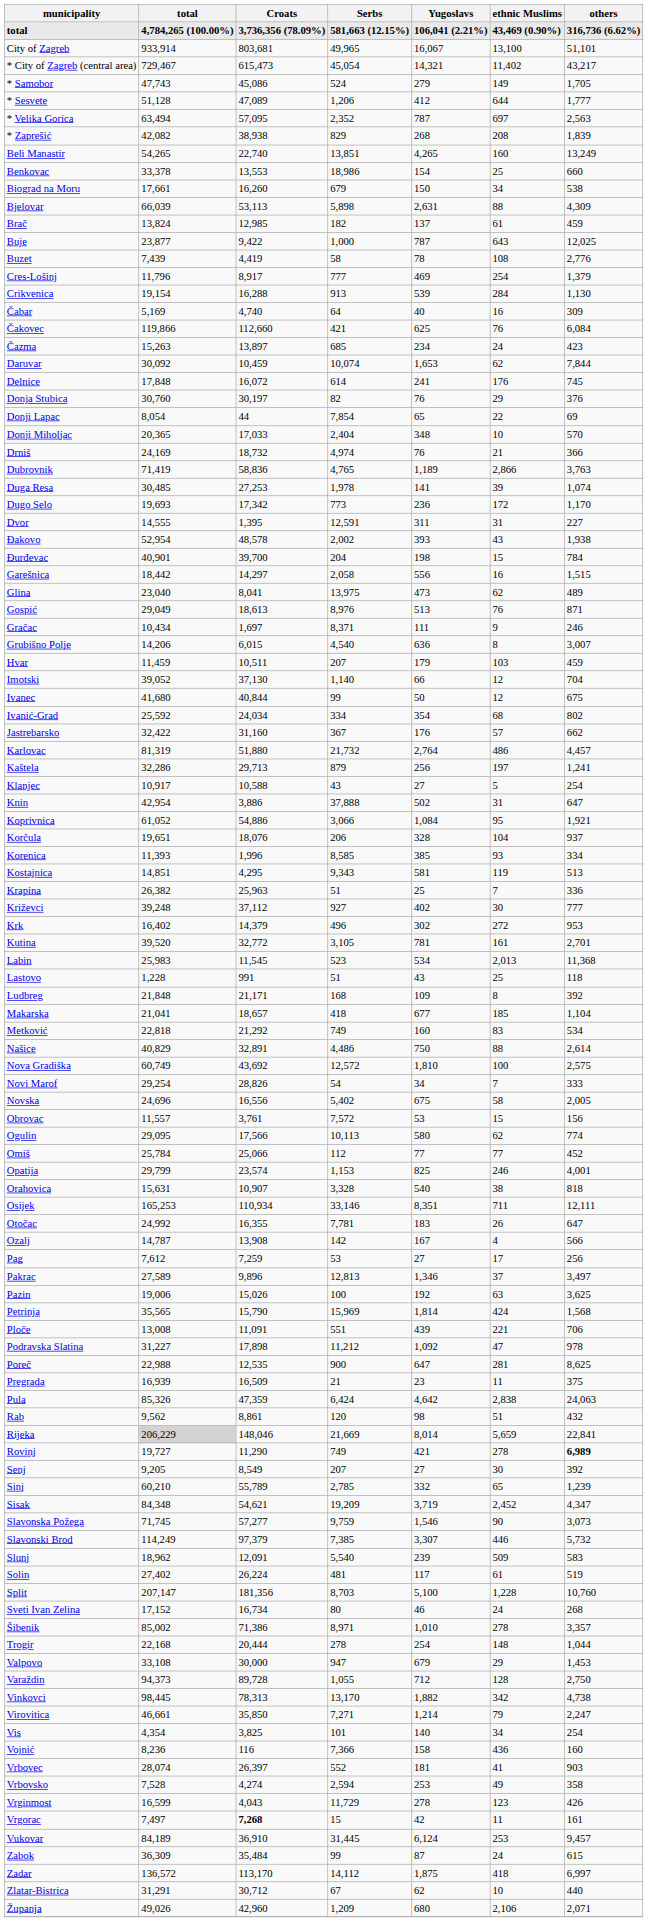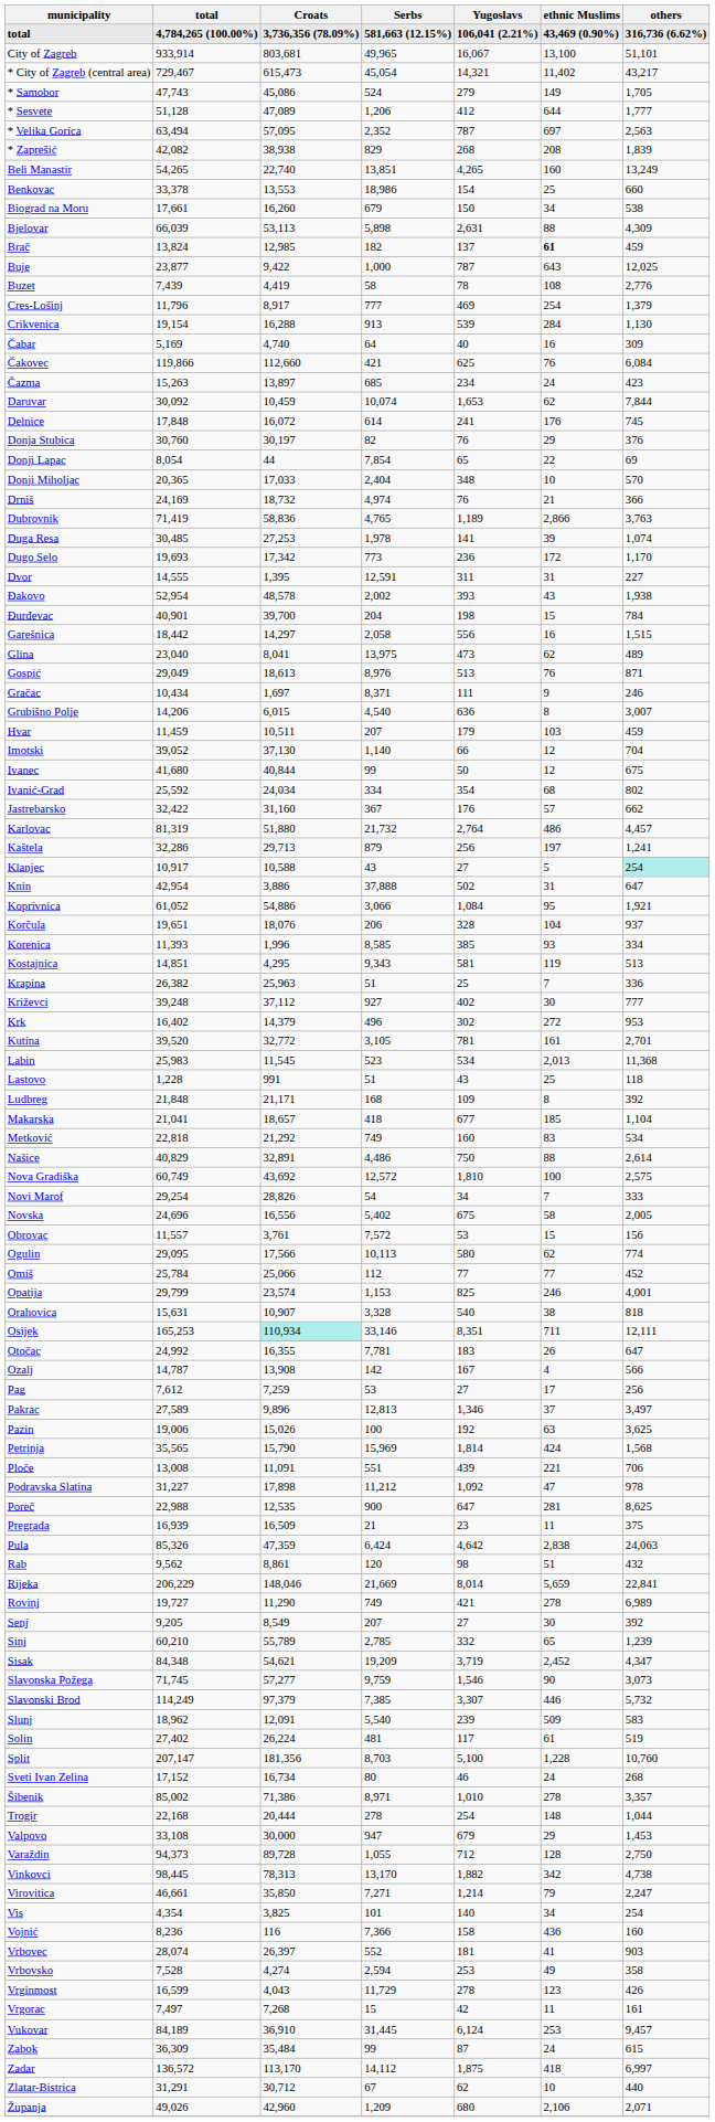 <table class="wikitable" style="font-size:95%;">
 <tr>
 <th>municipality</th>
 <th>total</th>
 <th>Croats</th>
 <th>Serbs</th>
 <th>Yugoslavs</th>
 <th>ethnic Muslims</th>
 <th>others</th>
 </tr>
 <tr>
 <td style="background: #E9E9E9;"><strong>total</strong></td>
 <td style="background: #E9E9E9;"><strong>4,784,265 (100.00%)</strong></td>
 <td style="background: #E9E9E9;"><strong>3,736,356 (78.09%)</strong></td>
 <td style="background: #E9E9E9;"><strong>581,663 (12.15%)</strong></td>
 <td style="background: #E9E9E9;"><strong>106,041 (2.21%)</strong></td>
 <td style="background: #E9E9E9;"><strong>43,469 (0.90%)</strong></td>
 <td style="background: #E9E9E9;"><strong>316,736 (6.62%)</strong></td>
 </tr>
 <tr>
 <td>City of <a href='#'>Zagreb</a></td>
 <td>933,914</td>
 <td>803,681</td>
 <td>49,965</td>
 <td>16,067</td>
 <td>13,100</td>
 <td>51,101</td>
 </tr>
 <tr>
 <td>* City of <a href='#'>Zagreb</a> (central area)</td>
 <td>729,467</td>
 <td>615,473</td>
 <td>45,054</td>
 <td>14,321</td>
 <td>11,402</td>
 <td>43,217</td>
 </tr>
 <tr>
 <td>* <a href='#'>Samobor</a></td>
 <td>47,743</td>
 <td>45,086</td>
 <td>524</td>
 <td>279</td>
 <td>149</td>
 <td>1,705</td>
 </tr>
 <tr>
 <td>* <a href='#'>Sesvete</a></td>
 <td>51,128</td>
 <td>47,089</td>
 <td>1,206</td>
 <td>412</td>
 <td>644</td>
 <td>1,777</td>
 </tr>
 <tr>
 <td>* <a href='#'>Velika Gorica</a></td>
 <td>63,494</td>
 <td>57,095</td>
 <td>2,352</td>
 <td>787</td>
 <td>697</td>
 <td>2,563</td>
 </tr>
 <tr>
 <td>* <a href='#'>Zaprešić</a></td>
 <td>42,082</td>
 <td>38,938</td>
 <td>829</td>
 <td>268</td>
 <td>208</td>
 <td>1,839</td>
 </tr>
 <tr>
 <td><a href='#'>Beli Manastir</a></td>
 <td>54,265</td>
 <td>22,740</td>
 <td>13,851</td>
 <td>4,265</td>
 <td>160</td>
 <td>13,249</td>
 </tr>
 <tr>
 <td><a href='#'>Benkovac</a></td>
 <td>33,378</td>
 <td>13,553</td>
 <td>18,986</td>
 <td>154</td>
 <td>25</td>
 <td>660</td>
 </tr>
 <tr>
 <td><a href='#'>Biograd na Moru</a></td>
 <td>17,661</td>
 <td>16,260</td>
 <td>679</td>
 <td>150</td>
 <td>34</td>
 <td>538</td>
 </tr>
 <tr>
 <td><a href='#'>Bjelovar</a></td>
 <td>66,039</td>
 <td>53,113</td>
 <td>5,898</td>
 <td>2,631</td>
 <td>88</td>
 <td>4,309</td>
 </tr>
 <tr>
 <td><a href='#'>Brač</a></td>
 <td>13,824</td>
 <td>12,985</td>
 <td>182</td>
 <td>137</td>
-<td>61</td>
+<td><strong>61</strong></td>
 <td>459</td>
 </tr>
 <tr>
 <td><a href='#'>Buje</a></td>
 <td>23,877</td>
 <td>9,422</td>
 <td>1,000</td>
 <td>787</td>
 <td>643</td>
 <td>12,025</td>
 </tr>
 <tr>
 <td><a href='#'>Buzet</a></td>
 <td>7,439</td>
 <td>4,419</td>
 <td>58</td>
 <td>78</td>
 <td>108</td>
 <td>2,776</td>
 </tr>
 <tr>
 <td><a href='#'>Cres-Lošinj</a></td>
 <td>11,796</td>
 <td>8,917</td>
 <td>777</td>
 <td>469</td>
 <td>254</td>
 <td>1,379</td>
 </tr>
 <tr>
 <td><a href='#'>Crikvenica</a></td>
 <td>19,154</td>
 <td>16,288</td>
 <td>913</td>
 <td>539</td>
 <td>284</td>
 <td>1,130</td>
 </tr>
 <tr>
 <td><a href='#'>Čabar</a></td>
 <td>5,169</td>
 <td>4,740</td>
 <td>64</td>
 <td>40</td>
 <td>16</td>
 <td>309</td>
 </tr>
 <tr>
 <td><a href='#'>Čakovec</a></td>
 <td>119,866</td>
 <td>112,660</td>
 <td>421</td>
 <td>625</td>
 <td>76</td>
 <td>6,084</td>
 </tr>
 <tr>
 <td><a href='#'>Čazma</a></td>
 <td>15,263</td>
 <td>13,897</td>
 <td>685</td>
 <td>234</td>
 <td>24</td>
 <td>423</td>
 </tr>
 <tr>
 <td><a href='#'>Daruvar</a></td>
 <td>30,092</td>
 <td>10,459</td>
 <td>10,074</td>
 <td>1,653</td>
 <td>62</td>
 <td>7,844</td>
 </tr>
 <tr>
 <td><a href='#'>Delnice</a></td>
 <td>17,848</td>
 <td>16,072</td>
 <td>614</td>
 <td>241</td>
 <td>176</td>
 <td>745</td>
 </tr>
 <tr>
 <td><a href='#'>Donja Stubica</a></td>
 <td>30,760</td>
 <td>30,197</td>
 <td>82</td>
 <td>76</td>
 <td>29</td>
 <td>376</td>
 </tr>
 <tr>
 <td><a href='#'>Donji Lapac</a></td>
 <td>8,054</td>
 <td>44</td>
 <td>7,854</td>
 <td>65</td>
 <td>22</td>
 <td>69</td>
 </tr>
 <tr>
 <td><a href='#'>Donji Miholjac</a></td>
 <td>20,365</td>
 <td>17,033</td>
 <td>2,404</td>
 <td>348</td>
 <td>10</td>
 <td>570</td>
 </tr>
 <tr>
 <td><a href='#'>Drniš</a></td>
 <td>24,169</td>
 <td>18,732</td>
 <td>4,974</td>
 <td>76</td>
 <td>21</td>
 <td>366</td>
 </tr>
 <tr>
 <td><a href='#'>Dubrovnik</a></td>
 <td>71,419</td>
 <td>58,836</td>
 <td>4,765</td>
 <td>1,189</td>
 <td>2,866</td>
 <td>3,763</td>
 </tr>
 <tr>
 <td><a href='#'>Duga Resa</a></td>
 <td>30,485</td>
 <td>27,253</td>
 <td>1,978</td>
 <td>141</td>
 <td>39</td>
 <td>1,074</td>
 </tr>
 <tr>
 <td><a href='#'>Dugo Selo</a></td>
 <td>19,693</td>
 <td>17,342</td>
 <td>773</td>
 <td>236</td>
 <td>172</td>
 <td>1,170</td>
 </tr>
 <tr>
 <td><a href='#'>Dvor</a></td>
 <td>14,555</td>
 <td>1,395</td>
 <td>12,591</td>
 <td>311</td>
 <td>31</td>
 <td>227</td>
 </tr>
 <tr>
 <td><a href='#'>Đakovo</a></td>
 <td>52,954</td>
 <td>48,578</td>
 <td>2,002</td>
 <td>393</td>
 <td>43</td>
 <td>1,938</td>
 </tr>
 <tr>
 <td><a href='#'>Đurđevac</a></td>
 <td>40,901</td>
 <td>39,700</td>
 <td>204</td>
 <td>198</td>
 <td>15</td>
 <td>784</td>
 </tr>
 <tr>
 <td><a href='#'>Garešnica</a></td>
 <td>18,442</td>
 <td>14,297</td>
 <td>2,058</td>
 <td>556</td>
 <td>16</td>
 <td>1,515</td>
 </tr>
 <tr>
 <td><a href='#'>Glina</a></td>
 <td>23,040</td>
 <td>8,041</td>
 <td>13,975</td>
 <td>473</td>
 <td>62</td>
 <td>489</td>
 </tr>
 <tr>
 <td><a href='#'>Gospić</a></td>
 <td>29,049</td>
 <td>18,613</td>
 <td>8,976</td>
 <td>513</td>
 <td>76</td>
 <td>871</td>
 </tr>
 <tr>
 <td><a href='#'>Gračac</a></td>
 <td>10,434</td>
 <td>1,697</td>
 <td>8,371</td>
 <td>111</td>
 <td>9</td>
 <td>246</td>
 </tr>
 <tr>
 <td><a href='#'>Grubišno Polje</a></td>
 <td>14,206</td>
 <td>6,015</td>
 <td>4,540</td>
 <td>636</td>
 <td>8</td>
 <td>3,007</td>
 </tr>
 <tr>
 <td><a href='#'>Hvar</a></td>
 <td>11,459</td>
 <td>10,511</td>
 <td>207</td>
 <td>179</td>
 <td>103</td>
 <td>459</td>
 </tr>
 <tr>
 <td><a href='#'>Imotski</a></td>
 <td>39,052</td>
 <td>37,130</td>
 <td>1,140</td>
 <td>66</td>
 <td>12</td>
 <td>704</td>
 </tr>
 <tr>
 <td><a href='#'>Ivanec</a></td>
 <td>41,680</td>
 <td>40,844</td>
 <td>99</td>
 <td>50</td>
 <td>12</td>
 <td>675</td>
 </tr>
 <tr>
 <td><a href='#'>Ivanić-Grad</a></td>
 <td>25,592</td>
 <td>24,034</td>
 <td>334</td>
 <td>354</td>
 <td>68</td>
 <td>802</td>
 </tr>
 <tr>
 <td><a href='#'>Jastrebarsko</a></td>
 <td>32,422</td>
 <td>31,160</td>
 <td>367</td>
 <td>176</td>
 <td>57</td>
 <td>662</td>
 </tr>
 <tr>
 <td><a href='#'>Karlovac</a></td>
 <td>81,319</td>
 <td>51,880</td>
 <td>21,732</td>
 <td>2,764</td>
 <td>486</td>
 <td>4,457</td>
 </tr>
 <tr>
 <td><a href='#'>Kaštela</a></td>
 <td>32,286</td>
 <td>29,713</td>
 <td>879</td>
 <td>256</td>
 <td>197</td>
 <td>1,241</td>
 </tr>
 <tr>
 <td><a href='#'>Klanjec</a></td>
 <td>10,917</td>
 <td>10,588</td>
 <td>43</td>
 <td>27</td>
 <td>5</td>
-<td>254</td>
+<td style="background: paleturquoise;">254</td>
 </tr>
 <tr>
 <td><a href='#'>Knin</a></td>
 <td>42,954</td>
 <td>3,886</td>
 <td>37,888</td>
 <td>502</td>
 <td>31</td>
 <td>647</td>
 </tr>
 <tr>
 <td><a href='#'>Koprivnica</a></td>
 <td>61,052</td>
 <td>54,886</td>
 <td>3,066</td>
 <td>1,084</td>
 <td>95</td>
 <td>1,921</td>
 </tr>
 <tr>
 <td><a href='#'>Korčula</a></td>
 <td>19,651</td>
 <td>18,076</td>
 <td>206</td>
 <td>328</td>
 <td>104</td>
 <td>937</td>
 </tr>
 <tr>
 <td><a href='#'>Korenica</a></td>
 <td>11,393</td>
 <td>1,996</td>
 <td>8,585</td>
 <td>385</td>
 <td>93</td>
 <td>334</td>
 </tr>
 <tr>
 <td><a href='#'>Kostajnica</a></td>
 <td>14,851</td>
 <td>4,295</td>
 <td>9,343</td>
 <td>581</td>
 <td>119</td>
 <td>513</td>
 </tr>
 <tr>
 <td><a href='#'>Krapina</a></td>
 <td>26,382</td>
 <td>25,963</td>
 <td>51</td>
 <td>25</td>
 <td>7</td>
 <td>336</td>
 </tr>
 <tr>
 <td><a href='#'>Križevci</a></td>
 <td>39,248</td>
 <td>37,112</td>
 <td>927</td>
 <td>402</td>
 <td>30</td>
 <td>777</td>
 </tr>
 <tr>
 <td><a href='#'>Krk</a></td>
 <td>16,402</td>
 <td>14,379</td>
 <td>496</td>
 <td>302</td>
 <td>272</td>
 <td>953</td>
 </tr>
 <tr>
 <td><a href='#'>Kutina</a></td>
 <td>39,520</td>
 <td>32,772</td>
 <td>3,105</td>
 <td>781</td>
 <td>161</td>
 <td>2,701</td>
 </tr>
 <tr>
 <td><a href='#'>Labin</a></td>
 <td>25,983</td>
 <td>11,545</td>
 <td>523</td>
 <td>534</td>
 <td>2,013</td>
 <td>11,368</td>
 </tr>
 <tr>
 <td><a href='#'>Lastovo</a></td>
 <td>1,228</td>
 <td>991</td>
 <td>51</td>
 <td>43</td>
 <td>25</td>
 <td>118</td>
 </tr>
 <tr>
 <td><a href='#'>Ludbreg</a></td>
 <td>21,848</td>
 <td>21,171</td>
 <td>168</td>
 <td>109</td>
 <td>8</td>
 <td>392</td>
 </tr>
 <tr>
 <td><a href='#'>Makarska</a></td>
 <td>21,041</td>
 <td>18,657</td>
 <td>418</td>
 <td>677</td>
 <td>185</td>
 <td>1,104</td>
 </tr>
 <tr>
 <td><a href='#'>Metković</a></td>
 <td>22,818</td>
 <td>21,292</td>
 <td>749</td>
 <td>160</td>
 <td>83</td>
 <td>534</td>
 </tr>
 <tr>
 <td><a href='#'>Našice</a></td>
 <td>40,829</td>
 <td>32,891</td>
 <td>4,486</td>
 <td>750</td>
 <td>88</td>
 <td>2,614</td>
 </tr>
 <tr>
 <td><a href='#'>Nova Gradiška</a></td>
 <td>60,749</td>
 <td>43,692</td>
 <td>12,572</td>
 <td>1,810</td>
 <td>100</td>
 <td>2,575</td>
 </tr>
 <tr>
 <td><a href='#'>Novi Marof</a></td>
 <td>29,254</td>
 <td>28,826</td>
 <td>54</td>
 <td>34</td>
 <td>7</td>
 <td>333</td>
 </tr>
 <tr>
 <td><a href='#'>Novska</a></td>
 <td>24,696</td>
 <td>16,556</td>
 <td>5,402</td>
 <td>675</td>
 <td>58</td>
 <td>2,005</td>
 </tr>
 <tr>
 <td><a href='#'>Obrovac</a></td>
 <td>11,557</td>
 <td>3,761</td>
 <td>7,572</td>
 <td>53</td>
 <td>15</td>
 <td>156</td>
 </tr>
 <tr>
 <td><a href='#'>Ogulin</a></td>
 <td>29,095</td>
 <td>17,566</td>
 <td>10,113</td>
 <td>580</td>
 <td>62</td>
 <td>774</td>
 </tr>
 <tr>
 <td><a href='#'>Omiš</a></td>
 <td>25,784</td>
 <td>25,066</td>
 <td>112</td>
 <td>77</td>
 <td>77</td>
 <td>452</td>
 </tr>
 <tr>
 <td><a href='#'>Opatija</a></td>
 <td>29,799</td>
 <td>23,574</td>
 <td>1,153</td>
 <td>825</td>
 <td>246</td>
 <td>4,001</td>
 </tr>
 <tr>
 <td><a href='#'>Orahovica</a></td>
 <td>15,631</td>
 <td>10,907</td>
 <td>3,328</td>
 <td>540</td>
 <td>38</td>
 <td>818</td>
 </tr>
 <tr>
 <td><a href='#'>Osijek</a></td>
 <td>165,253</td>
-<td>110,934</td>
+<td style="background: paleturquoise;">110,934</td>
 <td>33,146</td>
 <td>8,351</td>
 <td>711</td>
 <td>12,111</td>
 </tr>
 <tr>
 <td><a href='#'>Otočac</a></td>
 <td>24,992</td>
 <td>16,355</td>
 <td>7,781</td>
 <td>183</td>
 <td>26</td>
 <td>647</td>
 </tr>
 <tr>
 <td><a href='#'>Ozalj</a></td>
 <td>14,787</td>
 <td>13,908</td>
 <td>142</td>
 <td>167</td>
 <td>4</td>
 <td>566</td>
 </tr>
 <tr>
 <td><a href='#'>Pag</a></td>
 <td>7,612</td>
 <td>7,259</td>
 <td>53</td>
 <td>27</td>
 <td>17</td>
 <td>256</td>
 </tr>
 <tr>
 <td><a href='#'>Pakrac</a></td>
 <td>27,589</td>
 <td>9,896</td>
 <td>12,813</td>
 <td>1,346</td>
 <td>37</td>
 <td>3,497</td>
 </tr>
 <tr>
 <td><a href='#'>Pazin</a></td>
 <td>19,006</td>
 <td>15,026</td>
 <td>100</td>
 <td>192</td>
 <td>63</td>
 <td>3,625</td>
 </tr>
 <tr>
 <td><a href='#'>Petrinja</a></td>
 <td>35,565</td>
 <td>15,790</td>
 <td>15,969</td>
 <td>1,814</td>
 <td>424</td>
 <td>1,568</td>
 </tr>
 <tr>
 <td><a href='#'>Ploče</a></td>
 <td>13,008</td>
 <td>11,091</td>
 <td>551</td>
 <td>439</td>
 <td>221</td>
 <td>706</td>
 </tr>
 <tr>
 <td><a href='#'>Podravska Slatina</a></td>
 <td>31,227</td>
 <td>17,898</td>
 <td>11,212</td>
 <td>1,092</td>
 <td>47</td>
 <td>978</td>
 </tr>
 <tr>
 <td><a href='#'>Poreč</a></td>
 <td>22,988</td>
 <td>12,535</td>
 <td>900</td>
 <td>647</td>
 <td>281</td>
 <td>8,625</td>
 </tr>
 <tr>
 <td><a href='#'>Pregrada</a></td>
 <td>16,939</td>
 <td>16,509</td>
 <td>21</td>
 <td>23</td>
 <td>11</td>
 <td>375</td>
 </tr>
 <tr>
 <td><a href='#'>Pula</a></td>
 <td>85,326</td>
 <td>47,359</td>
 <td>6,424</td>
 <td>4,642</td>
 <td>2,838</td>
 <td>24,063</td>
 </tr>
 <tr>
 <td><a href='#'>Rab</a></td>
 <td>9,562</td>
 <td>8,861</td>
 <td>120</td>
 <td>98</td>
 <td>51</td>
 <td>432</td>
 </tr>
 <tr>
 <td><a href='#'>Rijeka</a></td>
-<td style="background: lightgrey;">206,229</td>
+<td>206,229</td>
 <td>148,046</td>
 <td>21,669</td>
 <td>8,014</td>
 <td>5,659</td>
 <td>22,841</td>
 </tr>
 <tr>
 <td><a href='#'>Rovinj</a></td>
 <td>19,727</td>
 <td>11,290</td>
 <td>749</td>
 <td>421</td>
 <td>278</td>
-<td><strong>6,989</strong></td>
+<td>6,989</td>
 </tr>
 <tr>
 <td><a href='#'>Senj</a></td>
 <td>9,205</td>
 <td>8,549</td>
 <td>207</td>
 <td>27</td>
 <td>30</td>
 <td>392</td>
 </tr>
 <tr>
 <td><a href='#'>Sinj</a></td>
 <td>60,210</td>
 <td>55,789</td>
 <td>2,785</td>
 <td>332</td>
 <td>65</td>
 <td>1,239</td>
 </tr>
 <tr>
 <td><a href='#'>Sisak</a></td>
 <td>84,348</td>
 <td>54,621</td>
 <td>19,209</td>
 <td>3,719</td>
 <td>2,452</td>
 <td>4,347</td>
 </tr>
 <tr>
 <td><a href='#'>Slavonska Požega</a></td>
 <td>71,745</td>
 <td>57,277</td>
 <td>9,759</td>
 <td>1,546</td>
 <td>90</td>
 <td>3,073</td>
 </tr>
 <tr>
 <td><a href='#'>Slavonski Brod</a></td>
 <td>114,249</td>
 <td>97,379</td>
 <td>7,385</td>
 <td>3,307</td>
 <td>446</td>
 <td>5,732</td>
 </tr>
 <tr>
 <td><a href='#'>Slunj</a></td>
 <td>18,962</td>
 <td>12,091</td>
 <td>5,540</td>
 <td>239</td>
 <td>509</td>
 <td>583</td>
 </tr>
 <tr>
 <td><a href='#'>Solin</a></td>
 <td>27,402</td>
 <td>26,224</td>
 <td>481</td>
 <td>117</td>
 <td>61</td>
 <td>519</td>
 </tr>
 <tr>
 <td><a href='#'>Split</a></td>
 <td>207,147</td>
 <td>181,356</td>
 <td>8,703</td>
 <td>5,100</td>
 <td>1,228</td>
 <td>10,760</td>
 </tr>
 <tr>
 <td><a href='#'>Sveti Ivan Zelina</a></td>
 <td>17,152</td>
 <td>16,734</td>
 <td>80</td>
 <td>46</td>
 <td>24</td>
 <td>268</td>
 </tr>
 <tr>
 <td><a href='#'>Šibenik</a></td>
 <td>85,002</td>
 <td>71,386</td>
 <td>8,971</td>
 <td>1,010</td>
 <td>278</td>
 <td>3,357</td>
 </tr>
 <tr>
 <td><a href='#'>Trogir</a></td>
 <td>22,168</td>
 <td>20,444</td>
 <td>278</td>
 <td>254</td>
 <td>148</td>
 <td>1,044</td>
 </tr>
 <tr>
 <td><a href='#'>Valpovo</a></td>
 <td>33,108</td>
 <td>30,000</td>
 <td>947</td>
 <td>679</td>
 <td>29</td>
 <td>1,453</td>
 </tr>
 <tr>
 <td><a href='#'>Varaždin</a></td>
 <td>94,373</td>
 <td>89,728</td>
 <td>1,055</td>
 <td>712</td>
 <td>128</td>
 <td>2,750</td>
 </tr>
 <tr>
 <td><a href='#'>Vinkovci</a></td>
 <td>98,445</td>
 <td>78,313</td>
 <td>13,170</td>
 <td>1,882</td>
 <td>342</td>
 <td>4,738</td>
 </tr>
 <tr>
 <td><a href='#'>Virovitica</a></td>
 <td>46,661</td>
 <td>35,850</td>
 <td>7,271</td>
 <td>1,214</td>
 <td>79</td>
 <td>2,247</td>
 </tr>
 <tr>
 <td><a href='#'>Vis</a></td>
 <td>4,354</td>
 <td>3,825</td>
 <td>101</td>
 <td>140</td>
 <td>34</td>
 <td>254</td>
 </tr>
 <tr>
 <td><a href='#'>Vojnić</a></td>
 <td>8,236</td>
 <td>116</td>
 <td>7,366</td>
 <td>158</td>
 <td>436</td>
 <td>160</td>
 </tr>
 <tr>
 <td><a href='#'>Vrbovec</a></td>
 <td>28,074</td>
 <td>26,397</td>
 <td>552</td>
 <td>181</td>
 <td>41</td>
 <td>903</td>
 </tr>
 <tr>
 <td><a href='#'>Vrbovsko</a></td>
 <td>7,528</td>
 <td>4,274</td>
 <td>2,594</td>
 <td>253</td>
 <td>49</td>
 <td>358</td>
 </tr>
 <tr>
 <td><a href='#'>Vrginmost</a></td>
 <td>16,599</td>
 <td>4,043</td>
 <td>11,729</td>
 <td>278</td>
 <td>123</td>
 <td>426</td>
 </tr>
 <tr>
 <td><a href='#'>Vrgorac</a></td>
 <td>7,497</td>
-<td><strong>7,268</strong></td>
+<td>7,268</td>
 <td>15</td>
 <td>42</td>
 <td>11</td>
 <td>161</td>
 </tr>
 <tr>
 <td><a href='#'>Vukovar</a></td>
 <td>84,189</td>
 <td>36,910</td>
 <td>31,445</td>
 <td>6,124</td>
 <td>253</td>
 <td>9,457</td>
 </tr>
 <tr>
 <td><a href='#'>Zabok</a></td>
 <td>36,309</td>
 <td>35,484</td>
 <td>99</td>
 <td>87</td>
 <td>24</td>
 <td>615</td>
 </tr>
 <tr>
 <td><a href='#'>Zadar</a></td>
 <td>136,572</td>
 <td>113,170</td>
 <td>14,112</td>
 <td>1,875</td>
 <td>418</td>
 <td>6,997</td>
 </tr>
 <tr>
 <td><a href='#'>Zlatar-Bistrica</a></td>
 <td>31,291</td>
 <td>30,712</td>
 <td>67</td>
 <td>62</td>
 <td>10</td>
 <td>440</td>
 </tr>
 <tr>
 <td><a href='#'>Županja</a></td>
 <td>49,026</td>
 <td>42,960</td>
 <td>1,209</td>
 <td>680</td>
 <td>2,106</td>
 <td>2,071</td>
 </tr>
 <tr>
 </tr>
 </table>
